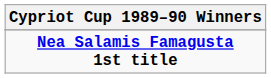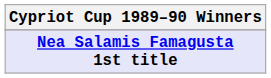 <table class="wikitable" style="text-align:center;margin: 0 auto;">
 <tr>
 <th>Cypriot Cup 1989–90 Winners</th>
 </tr>
 <tr>
 </tr>
 <tr>
-<td><strong><a href='#'>Nea Salamis Famagusta</a></strong><br><strong>1st title</strong></td>
+<td style="background: lavender;"><strong><a href='#'>Nea Salamis Famagusta</a></strong><br><strong>1st title</strong></td>
 </tr>
 </table>
